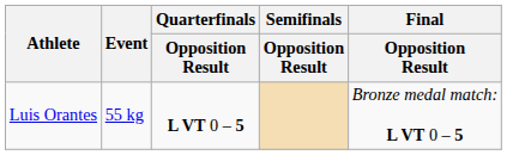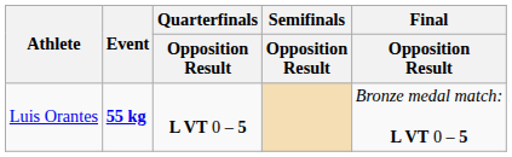 <table class="wikitable" border="1" style="font-size:90%">
 <tr>
 <th rowspan=2>Athlete</th>
 <th rowspan=2>Event</th>
 <th>Quarterfinals</th>
 <th>Semifinals</th>
 <th>Final</th>
 </tr>
 <tr>
 <th>Opposition<br>Result</th>
 <th>Opposition<br>Result</th>
 <th>Opposition<br>Result</th>
 </tr>
 <tr>
 <td><a href='#'>Luis Orantes</a></td>
-<td><a href='#'>55 kg</a></td>
+<td><strong><a href='#'>55 kg</a></strong></td>
 <td align=center><br><strong>L VT</strong> 0 – <strong>5</strong></td>
 <td bgcolor=wheat></td>
 <td align=center><em>Bronze medal match:</em><br><br><strong>L VT</strong> 0 – <strong>5</strong></td>
 </tr>
 </table>
